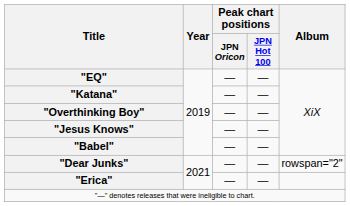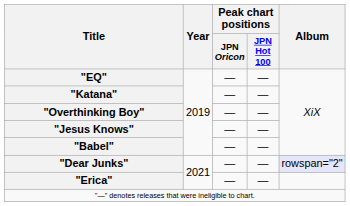 <table class="wikitable plainrowheaders" style="text-align:center;">
 <tr>
 <th scope="col" rowspan="2" style="width:16em;">Title</th>
 <th scope="col" rowspan="2">Year</th>
 <th scope="col" colspan="2">Peak chart positions<br></th>
 <th scope="col" rowspan="2">Album</th>
 </tr>
 <tr>
 <th style="width:3em;font-size:85%">JPN <em>Oricon</em><br></th>
 <th style="width:3em;font-size:85%"><a href='#'>JPN Hot 100</a></th>
 </tr>
 <tr>
 <th scope="row">"EQ"</th>
 <td rowspan="5">2019</td>
 <td>—</td>
 <td>—</td>
 <td rowspan="5"><em>XiX</em></td>
 </tr>
 <tr>
 <th scope="row">"Katana"</th>
 <td rowspan="1">—</td>
 <td rowspan="1">—</td>
 </tr>
 <tr>
 <th scope="row">"Overthinking Boy"</th>
 <td rowspan="1">—</td>
 <td rowspan="1">—</td>
 </tr>
 <tr>
 <th scope="row">"Jesus Knows"</th>
 <td>—</td>
 <td>—</td>
 </tr>
 <tr>
 <th scope="row">"Babel"</th>
 <td>—</td>
 <td>—</td>
 </tr>
 <tr>
 <th scope="row">"Dear Junks"</th>
 <td rowspan="2">2021</td>
 <td>—</td>
 <td>—</td>
-<td>rowspan="2" <em></em></td>
+<td style="background: lavender;">rowspan="2" <em></em></td>
 </tr>
 <tr>
 <th scope="row">"Erica"</th>
 <td>—</td>
 <td>—</td>
 </tr>
 <tr>
 <td align="center" colspan="13" style="font-size: 8pt">"—" denotes releases that were ineligible to chart.</td>
 </tr>
 </table>
